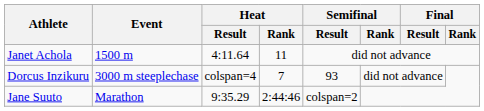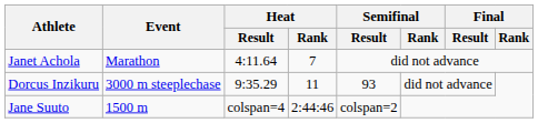 <table class="wikitable" style="font-size:90%">
 <tr>
 <th rowspan="2">Athlete</th>
 <th rowspan="2">Event</th>
 <th colspan="2">Heat</th>
 <th colspan="2">Semifinal</th>
 <th colspan="2">Final</th>
 </tr>
 <tr style="font-size:95%">
 <th>Result</th>
 <th>Rank</th>
 <th>Result</th>
 <th>Rank</th>
 <th>Result</th>
 <th>Rank</th>
 </tr>
 <tr align=center>
 <td align=left><a href='#'>Janet Achola</a></td>
-<td align=left><a href='#'>1500 m</a></td>
+<td align=left><a href='#'>Marathon</a></td>
 <td>4:11.64</td>
-<td>11</td>
+<td>7</td>
 <td colspan="4">did not advance</td>
 </tr>
 <tr align=center>
 <td align=left><a href='#'>Dorcus Inzikuru</a></td>
 <td align=left><a href='#'>3000 m steeplechase</a></td>
-<td>colspan=4 </td>
-<td>7</td>
+<td>9:35.29</td>
+<td>11</td>
 <td>93</td>
 <td colspan=2>did not advance</td>
 </tr>
 <tr align=center>
 <td align=left><a href='#'>Jane Suuto</a></td>
-<td align=left><a href='#'>Marathon</a></td>
-<td>9:35.29</td>
+<td align=left><a href='#'>1500 m</a></td>
+<td>colspan=4 </td>
 <td>2:44:46</td>
 <td>colspan=2 </td>
 </tr>
 </table>
